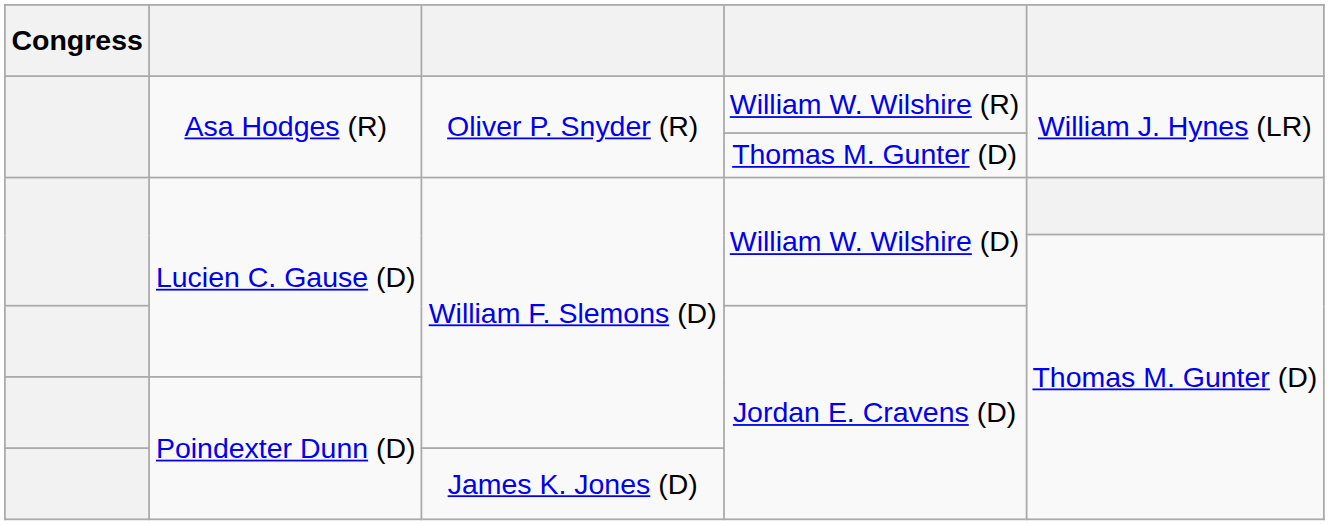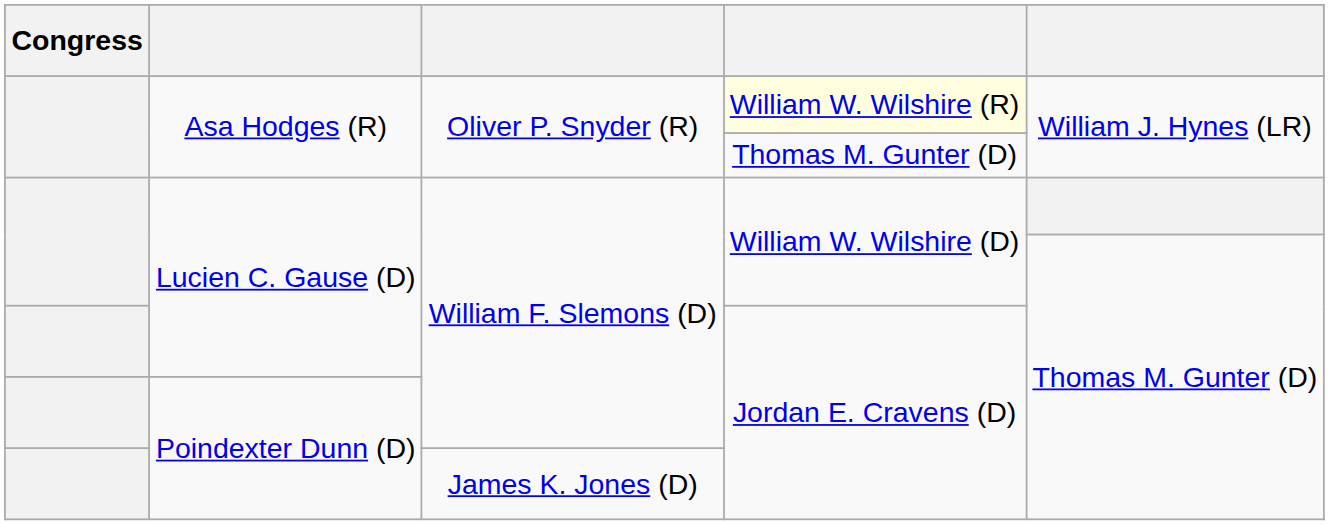 <table class=wikitable style="text-align:center">
 <tr style="height:2.5em">
 <th scope="col">Congress</th>
 <th scope="col"></th>
 <th scope="col"></th>
 <th scope="col"></th>
 <th scope="col"></th>
 </tr>
 <tr style="height:2em">
 <th scope="row" rowspan=2> </th>
 <td rowspan=2 ><a href='#'>Asa Hodges</a> (R)</td>
 <td rowspan=2 ><a href='#'>Oliver P. Snyder</a> (R)</td>
-<td><a href='#'>William W. Wilshire</a> (R)</td>
+<td style="background: lightyellow;"><a href='#'>William W. Wilshire</a> (R)</td>
 <td rowspan=2 ><a href='#'>William J. Hynes</a> (LR)</td>
 </tr>
 <tr style="height:1.5em">
 <td><a href='#'>Thomas M. Gunter</a> (D)</td>
 </tr>
 <tr style="height:2em">
 <th scope="row" rowspan=2> </th>
 <td rowspan=3 ><a href='#'>Lucien C. Gause</a> (D)</td>
 <td rowspan=4 ><a href='#'>William F. Slemons</a> (D)</td>
 <td rowspan=2 ><a href='#'>William W. Wilshire</a> (D)</td>
 <th></th>
 </tr>
 <tr style="height:2.5em">
 <td rowspan=4 ><a href='#'>Thomas M. Gunter</a> (D)</td>
 </tr>
 <tr style="height:2.5em">
 <th scope="row"> </th>
 <td rowspan=3 ><a href='#'>Jordan E. Cravens</a> (D)</td>
 </tr>
 <tr style="height:2.5em">
 <th scope="row"> </th>
 <td rowspan=2 ><a href='#'>Poindexter Dunn</a> (D)</td>
 </tr>
 <tr style="height:2.5em">
 <th scope="row"> </th>
 <td><a href='#'>James K. Jones</a> (D)</td>
 </tr>
 </table>
